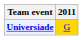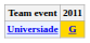 <table class="wikitable" style="font-size: 90%; text-align:center">
 <tr>
 <th>Team event</th>
 <th>2011</th>
 </tr>
 <tr>
 <td bgcolor="#ECF2FF"; align="left"><strong><a href='#'>Universiade</a></strong></td>
-<td bgcolor=gold><a href='#'>G</a></td>
+<td bgcolor=gold><strong><a href='#'>G</a></strong></td>
 </tr>
 </table>
